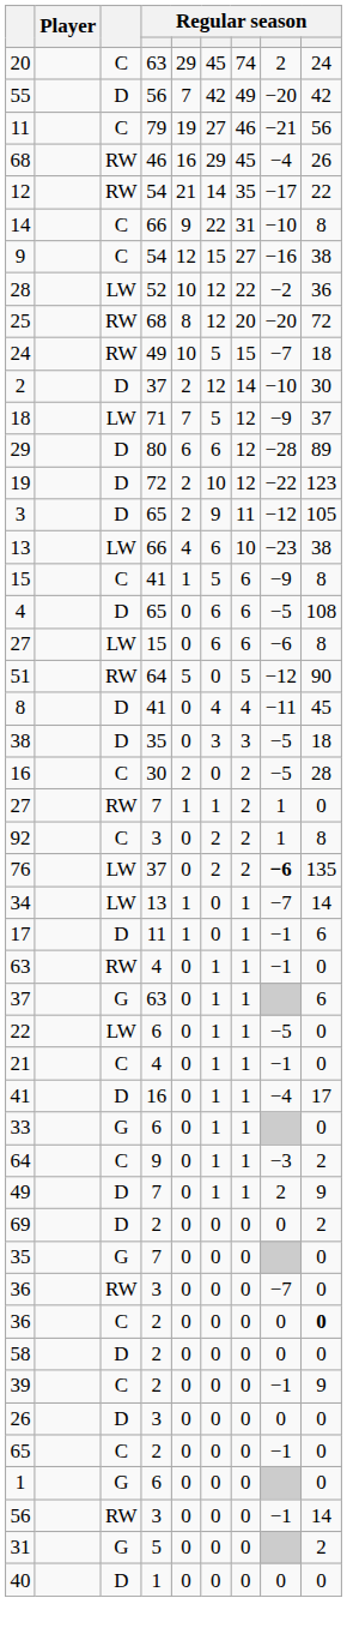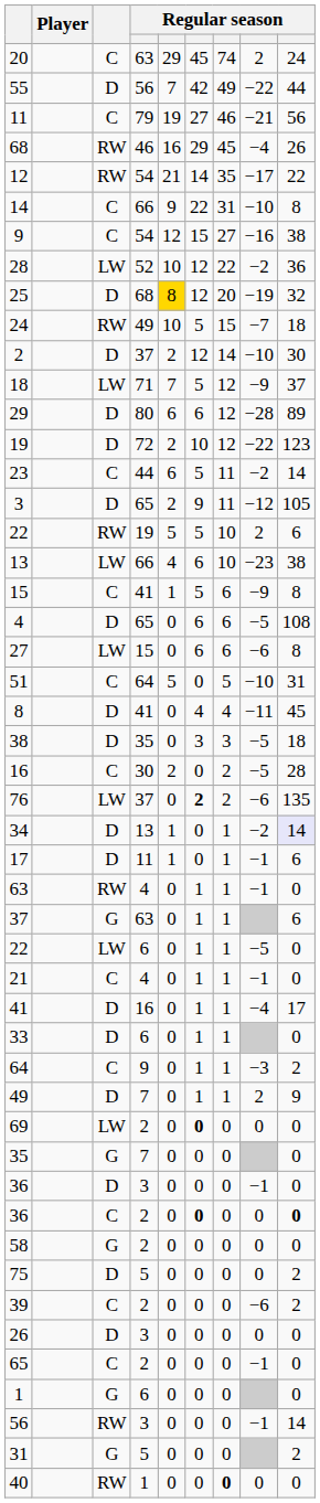 <table class="wikitable sortable plainrowheaders" style="text-align:center;">
 <tr>
 <th scope="col" data-sort-type="number" rowspan="2"></th>
 <th scope="col" rowspan="2">Player</th>
 <th scope="col" rowspan="2"></th>
 <th scope=colgroup colspan=6>Regular season</th>
 </tr>
 <tr>
 <th scope="col" data-sort-type="number"></th>
 <th scope="col" data-sort-type="number"></th>
 <th scope="col" data-sort-type="number"></th>
 <th scope="col" data-sort-type="number"></th>
 <th scope="col" data-sort-type="number"></th>
 <th scope="col" data-sort-type="number"></th>
 </tr>
 <tr>
 <td scope="row">20</td>
 <td align="left"></td>
 <td>C</td>
 <td>63</td>
 <td>29</td>
 <td>45</td>
 <td>74</td>
 <td>2</td>
 <td>24</td>
 </tr>
 <tr>
 <td scope="row">55</td>
 <td align="left"></td>
 <td>D</td>
 <td>56</td>
 <td>7</td>
 <td>42</td>
 <td>49</td>
-<td>−20</td>
-<td>42</td>
+<td>−22</td>
+<td>44</td>
 </tr>
 <tr>
 <td scope="row">11</td>
 <td align="left"></td>
 <td>C</td>
 <td>79</td>
 <td>19</td>
 <td>27</td>
 <td>46</td>
 <td>−21</td>
 <td>56</td>
 </tr>
 <tr>
 <td scope="row">68</td>
 <td align="left"></td>
 <td>RW</td>
 <td>46</td>
 <td>16</td>
 <td>29</td>
 <td>45</td>
 <td>−4</td>
 <td>26</td>
 </tr>
 <tr>
 <td scope="row">12</td>
 <td align="left"></td>
 <td>RW</td>
 <td>54</td>
 <td>21</td>
 <td>14</td>
 <td>35</td>
 <td>−17</td>
 <td>22</td>
 </tr>
 <tr>
 <td scope="row">14</td>
 <td align="left"></td>
 <td>C</td>
 <td>66</td>
 <td>9</td>
 <td>22</td>
 <td>31</td>
 <td>−10</td>
 <td>8</td>
 </tr>
 <tr>
 <td scope="row">9</td>
 <td align="left"></td>
 <td>C</td>
 <td>54</td>
 <td>12</td>
 <td>15</td>
 <td>27</td>
 <td>−16</td>
 <td>38</td>
 </tr>
 <tr>
 <td scope="row">28</td>
 <td align="left"></td>
 <td>LW</td>
 <td>52</td>
 <td>10</td>
 <td>12</td>
 <td>22</td>
 <td>−2</td>
 <td>36</td>
 </tr>
 <tr>
 <td scope="row">25</td>
 <td align="left"></td>
-<td>RW</td>
+<td>D</td>
 <td>68</td>
-<td>8</td>
+<td style="background: gold;">8</td>
 <td>12</td>
 <td>20</td>
-<td>−20</td>
-<td>72</td>
+<td>−19</td>
+<td>32</td>
 </tr>
 <tr>
 <td scope="row">24</td>
 <td align="left"></td>
 <td>RW</td>
 <td>49</td>
 <td>10</td>
 <td>5</td>
 <td>15</td>
 <td>−7</td>
 <td>18</td>
 </tr>
 <tr>
 <td scope="row">2</td>
 <td align="left"></td>
 <td>D</td>
 <td>37</td>
 <td>2</td>
 <td>12</td>
 <td>14</td>
 <td>−10</td>
 <td>30</td>
 </tr>
 <tr>
 <td scope="row">18</td>
 <td align="left"></td>
 <td>LW</td>
 <td>71</td>
 <td>7</td>
 <td>5</td>
 <td>12</td>
 <td>−9</td>
 <td>37</td>
 </tr>
 <tr>
 <td scope="row">29</td>
 <td align="left"></td>
 <td>D</td>
 <td>80</td>
 <td>6</td>
 <td>6</td>
 <td>12</td>
 <td>−28</td>
 <td>89</td>
 </tr>
 <tr>
 <td scope="row">19</td>
 <td align="left"></td>
 <td>D</td>
 <td>72</td>
 <td>2</td>
 <td>10</td>
 <td>12</td>
 <td>−22</td>
 <td>123</td>
 </tr>
 <tr>
+<td scope="row">23</td>
+<td align="left"></td>
+<td>C</td>
+<td>44</td>
+<td>6</td>
+<td>5</td>
+<td>11</td>
+<td>−2</td>
+<td>14</td>
+</tr>
+<tr>
 <td scope="row">3</td>
 <td align="left"></td>
 <td>D</td>
 <td>65</td>
 <td>2</td>
 <td>9</td>
 <td>11</td>
 <td>−12</td>
 <td>105</td>
+</tr>
+<tr>
+<td scope="row">22</td>
+<td align="left"></td>
+<td>RW</td>
+<td>19</td>
+<td>5</td>
+<td>5</td>
+<td>10</td>
+<td>2</td>
+<td>6</td>
 </tr>
 <tr>
 <td scope="row">13</td>
 <td align="left"></td>
 <td>LW</td>
 <td>66</td>
 <td>4</td>
 <td>6</td>
 <td>10</td>
 <td>−23</td>
 <td>38</td>
 </tr>
 <tr>
 <td scope="row">15</td>
 <td align="left"></td>
 <td>C</td>
 <td>41</td>
 <td>1</td>
 <td>5</td>
 <td>6</td>
 <td>−9</td>
 <td>8</td>
 </tr>
 <tr>
 <td scope="row">4</td>
 <td align="left"></td>
 <td>D</td>
 <td>65</td>
 <td>0</td>
 <td>6</td>
 <td>6</td>
 <td>−5</td>
 <td>108</td>
 </tr>
 <tr>
 <td scope="row">27</td>
 <td align="left"></td>
 <td>LW</td>
 <td>15</td>
 <td>0</td>
 <td>6</td>
 <td>6</td>
 <td>−6</td>
 <td>8</td>
 </tr>
 <tr>
 <td scope="row">51</td>
 <td align="left"></td>
-<td>RW</td>
+<td>C</td>
 <td>64</td>
 <td>5</td>
 <td>0</td>
 <td>5</td>
-<td>−12</td>
-<td>90</td>
+<td>−10</td>
+<td>31</td>
 </tr>
 <tr>
 <td scope="row">8</td>
 <td align="left"></td>
 <td>D</td>
 <td>41</td>
 <td>0</td>
 <td>4</td>
 <td>4</td>
 <td>−11</td>
 <td>45</td>
 </tr>
 <tr>
 <td scope="row">38</td>
 <td align="left"></td>
 <td>D</td>
 <td>35</td>
 <td>0</td>
 <td>3</td>
 <td>3</td>
 <td>−5</td>
 <td>18</td>
 </tr>
 <tr>
 <td scope="row">16</td>
 <td align="left"></td>
 <td>C</td>
 <td>30</td>
 <td>2</td>
 <td>0</td>
 <td>2</td>
 <td>−5</td>
 <td>28</td>
 </tr>
 <tr>
-<td scope="row">27</td>
-<td align="left"></td>
-<td>RW</td>
-<td>7</td>
-<td>1</td>
-<td>1</td>
-<td>2</td>
-<td>1</td>
-<td>0</td>
-</tr>
-<tr>
-<td scope="row">92</td>
-<td align="left"></td>
-<td>C</td>
-<td>3</td>
-<td>0</td>
-<td>2</td>
-<td>2</td>
-<td>1</td>
-<td>8</td>
-</tr>
-<tr>
 <td scope="row">76</td>
 <td align="left"></td>
 <td>LW</td>
 <td>37</td>
 <td>0</td>
+<td><strong>2</strong></td>
 <td>2</td>
-<td>2</td>
-<td><strong>−6</strong></td>
+<td>−6</td>
 <td>135</td>
 </tr>
 <tr>
 <td scope="row">34</td>
 <td align="left"></td>
-<td>LW</td>
+<td>D</td>
 <td>13</td>
 <td>1</td>
 <td>0</td>
 <td>1</td>
-<td>−7</td>
-<td>14</td>
+<td>−2</td>
+<td style="background: lavender;">14</td>
 </tr>
 <tr>
 <td scope="row">17</td>
 <td align="left"></td>
 <td>D</td>
 <td>11</td>
 <td>1</td>
 <td>0</td>
 <td>1</td>
 <td>−1</td>
 <td>6</td>
 </tr>
 <tr>
 <td scope="row">63</td>
 <td align="left"></td>
 <td>RW</td>
 <td>4</td>
 <td>0</td>
 <td>1</td>
 <td>1</td>
 <td>−1</td>
 <td>0</td>
 </tr>
 <tr>
 <td scope="row">37</td>
 <td align="left"></td>
 <td>G</td>
 <td>63</td>
 <td>0</td>
 <td>1</td>
 <td>1</td>
 <td style="background:#ccc"></td>
 <td>6</td>
 </tr>
 <tr>
 <td scope="row">22</td>
 <td align="left"></td>
 <td>LW</td>
 <td>6</td>
 <td>0</td>
 <td>1</td>
 <td>1</td>
 <td>−5</td>
 <td>0</td>
 </tr>
 <tr>
 <td scope="row">21</td>
 <td align="left"></td>
 <td>C</td>
 <td>4</td>
 <td>0</td>
 <td>1</td>
 <td>1</td>
 <td>−1</td>
 <td>0</td>
 </tr>
 <tr>
 <td scope="row">41</td>
 <td align="left"></td>
 <td>D</td>
 <td>16</td>
 <td>0</td>
 <td>1</td>
 <td>1</td>
 <td>−4</td>
 <td>17</td>
 </tr>
 <tr>
 <td scope="row">33</td>
 <td align="left"></td>
-<td>G</td>
+<td>D</td>
 <td>6</td>
 <td>0</td>
 <td>1</td>
 <td>1</td>
 <td style="background:#ccc"></td>
 <td>0</td>
 </tr>
 <tr>
 <td scope="row">64</td>
 <td align="left"></td>
 <td>C</td>
 <td>9</td>
 <td>0</td>
 <td>1</td>
 <td>1</td>
 <td>−3</td>
 <td>2</td>
 </tr>
 <tr>
 <td scope="row">49</td>
 <td align="left"></td>
 <td>D</td>
 <td>7</td>
 <td>0</td>
 <td>1</td>
 <td>1</td>
 <td>2</td>
 <td>9</td>
 </tr>
 <tr>
 <td scope="row">69</td>
 <td align="left"></td>
-<td>D</td>
+<td>LW</td>
 <td>2</td>
+<td>0</td>
+<td><strong>0</strong></td>
 <td>0</td>
 <td>0</td>
 <td>0</td>
-<td>0</td>
-<td>2</td>
 </tr>
 <tr>
 <td scope="row">35</td>
 <td align="left"></td>
 <td>G</td>
 <td>7</td>
 <td>0</td>
 <td>0</td>
 <td>0</td>
 <td style="background:#ccc"></td>
 <td>0</td>
 </tr>
 <tr>
 <td scope="row">36</td>
 <td align="left"></td>
-<td>RW</td>
+<td>D</td>
 <td>3</td>
 <td>0</td>
 <td>0</td>
 <td>0</td>
-<td>−7</td>
+<td>−1</td>
 <td>0</td>
 </tr>
 <tr>
 <td scope="row">36</td>
 <td align="left"></td>
 <td>C</td>
 <td>2</td>
 <td>0</td>
-<td>0</td>
+<td><strong>0</strong></td>
 <td>0</td>
 <td>0</td>
 <td><strong>0</strong></td>
 </tr>
 <tr>
 <td scope="row">58</td>
 <td align="left"></td>
-<td>D</td>
+<td>G</td>
 <td>2</td>
 <td>0</td>
 <td>0</td>
 <td>0</td>
 <td>0</td>
 <td>0</td>
+</tr>
+<tr>
+<td scope="row">75</td>
+<td align="left"></td>
+<td>D</td>
+<td>5</td>
+<td>0</td>
+<td>0</td>
+<td>0</td>
+<td>0</td>
+<td>2</td>
 </tr>
 <tr>
 <td scope="row">39</td>
 <td align="left"></td>
 <td>C</td>
 <td>2</td>
 <td>0</td>
 <td>0</td>
 <td>0</td>
-<td>−1</td>
-<td>9</td>
+<td>−6</td>
+<td>2</td>
 </tr>
 <tr>
 <td scope="row">26</td>
 <td align="left"></td>
 <td>D</td>
 <td>3</td>
 <td>0</td>
 <td>0</td>
 <td>0</td>
 <td>0</td>
 <td>0</td>
 </tr>
 <tr>
 <td scope="row">65</td>
 <td align="left"></td>
 <td>C</td>
 <td>2</td>
 <td>0</td>
 <td>0</td>
 <td>0</td>
 <td>−1</td>
 <td>0</td>
 </tr>
 <tr>
 <td scope="row">1</td>
 <td align="left"></td>
 <td>G</td>
 <td>6</td>
 <td>0</td>
 <td>0</td>
 <td>0</td>
 <td style="background:#ccc"></td>
 <td>0</td>
 </tr>
 <tr>
 <td scope="row">56</td>
 <td align="left"></td>
 <td>RW</td>
 <td>3</td>
 <td>0</td>
 <td>0</td>
 <td>0</td>
 <td>−1</td>
 <td>14</td>
 </tr>
 <tr>
 <td scope="row">31</td>
 <td align="left"></td>
 <td>G</td>
 <td>5</td>
 <td>0</td>
 <td>0</td>
 <td>0</td>
 <td style="background:#ccc"></td>
 <td>2</td>
 </tr>
 <tr>
 <td scope="row">40</td>
 <td align="left"></td>
-<td>D</td>
+<td>RW</td>
 <td>1</td>
 <td>0</td>
 <td>0</td>
-<td>0</td>
+<td><strong>0</strong></td>
 <td>0</td>
 <td>0</td>
 </tr>
 </table>
